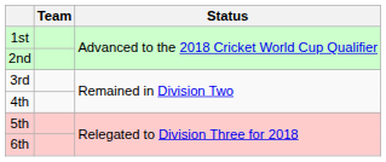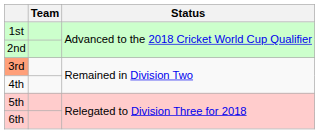 <table class="wikitable">
 <tr>
 <th></th>
 <th>Team</th>
 <th>Status</th>
 </tr>
 <tr style="background:#cfc">
 <td align="center">1st</td>
 <td></td>
 <td rowspan=2>Advanced to the <a href='#'>2018 Cricket World Cup Qualifier</a></td>
 </tr>
 <tr style="background:#cfc">
 <td align="center">2nd</td>
 <td></td>
 </tr>
 <tr>
-<td align="center">3rd</td>
+<td align="center" style="background: lightsalmon;">3rd</td>
 <td></td>
 <td rowspan=2>Remained in <a href='#'>Division Two</a></td>
 </tr>
 <tr>
 <td align="center">4th</td>
 <td></td>
 </tr>
 <tr style="background:#fcc">
 <td align="center">5th</td>
 <td></td>
 <td rowspan=2>Relegated to <a href='#'>Division Three for 2018</a></td>
 </tr>
 <tr style="background:#fcc">
 <td align="center">6th</td>
 <td></td>
 </tr>
 </table>
